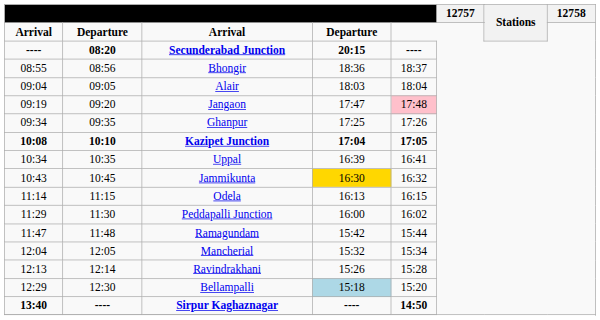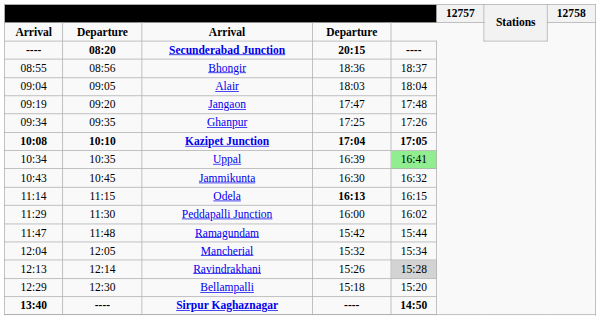 <table class="wikitable" width="65%" style="text-align: center;">
 <tr>
 <th colspan="5" align="center" style="background:BLACK;"><span><em>KAGHAZNAGAR EXPRESS</em></span></th>
 <th colspan="2">12757</th>
 <th rowspan="2">Stations</th>
 <th colspan="2">12758</th>
 </tr>
 <tr>
 <td><strong>Arrival</strong></td>
 <td><strong>Departure</strong></td>
 <td><strong>Arrival</strong></td>
 <td><strong>Departure</strong></td>
 </tr>
 <tr>
 <td><strong>----</strong></td>
 <td><strong>08:20</strong></td>
 <td><strong><a href='#'>Secunderabad Junction</a></strong></td>
 <td><strong>20:15</strong></td>
 <td><strong>----</strong></td>
 </tr>
 <tr>
 <td>08:55</td>
 <td>08:56</td>
 <td><a href='#'>Bhongir</a></td>
 <td>18:36</td>
 <td>18:37</td>
 </tr>
 <tr>
 <td>09:04</td>
 <td>09:05</td>
 <td><a href='#'>Alair</a></td>
 <td>18:03</td>
 <td>18:04</td>
 </tr>
 <tr>
 <td>09:19</td>
 <td>09:20</td>
 <td><a href='#'>Jangaon</a></td>
 <td>17:47</td>
-<td style="background: pink;">17:48</td>
+<td>17:48</td>
 </tr>
 <tr>
 <td>09:34</td>
 <td>09:35</td>
 <td><a href='#'>Ghanpur</a></td>
 <td>17:25</td>
 <td>17:26</td>
 </tr>
 <tr>
 <td><strong>10:08</strong></td>
 <td><strong>10:10</strong></td>
 <td><strong><a href='#'>Kazipet Junction</a></strong></td>
 <td><strong>17:04</strong></td>
 <td><strong>17:05</strong></td>
 </tr>
 <tr>
 <td>10:34</td>
 <td>10:35</td>
 <td><a href='#'>Uppal</a></td>
 <td>16:39</td>
-<td>16:41</td>
+<td style="background: lightgreen;">16:41</td>
 </tr>
 <tr>
 <td>10:43</td>
 <td>10:45</td>
 <td><a href='#'>Jammikunta</a></td>
-<td style="background: gold;">16:30</td>
+<td>16:30</td>
 <td>16:32</td>
 </tr>
 <tr>
 <td>11:14</td>
 <td>11:15</td>
 <td><a href='#'>Odela</a></td>
-<td>16:13</td>
+<td><strong>16:13</strong></td>
 <td>16:15</td>
 </tr>
 <tr>
 <td>11:29</td>
 <td>11:30</td>
 <td><a href='#'>Peddapalli Junction</a></td>
 <td>16:00</td>
 <td>16:02</td>
 </tr>
 <tr>
 <td>11:47</td>
 <td>11:48</td>
 <td><a href='#'>Ramagundam</a></td>
 <td>15:42</td>
 <td>15:44</td>
 </tr>
 <tr>
 <td>12:04</td>
 <td>12:05</td>
 <td><a href='#'>Mancherial</a></td>
 <td>15:32</td>
 <td>15:34</td>
 </tr>
 <tr>
 <td>12:13</td>
 <td>12:14</td>
 <td><a href='#'>Ravindrakhani</a></td>
 <td>15:26</td>
-<td>15:28</td>
+<td style="background: lightgrey;">15:28</td>
 </tr>
 <tr>
 <td>12:29</td>
 <td>12:30</td>
 <td><a href='#'>Bellampalli</a></td>
-<td style="background: lightblue;">15:18</td>
+<td>15:18</td>
 <td>15:20</td>
 </tr>
 <tr>
 <td><strong>13:40</strong></td>
 <td><strong>----</strong></td>
 <td><strong><a href='#'>Sirpur Kaghaznagar</a></strong></td>
 <td><strong>----</strong></td>
 <td><strong>14:50</strong></td>
 </tr>
 <tr>
 </tr>
 </table>
